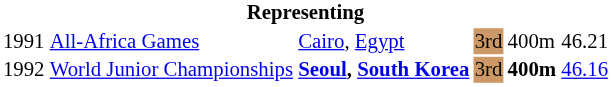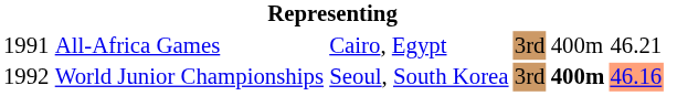 <table>
 <tr>
 <th colspan="6">Representing </th>
 </tr>
 <tr>
 <td>1991</td>
 <td><a href='#'>All-Africa Games</a></td>
 <td><a href='#'>Cairo</a>, <a href='#'>Egypt</a></td>
 <td bgcolor="cc9966" align="center">3rd</td>
 <td>400m</td>
 <td>46.21</td>
 </tr>
 <tr>
 <td>1992</td>
 <td><a href='#'>World Junior Championships</a></td>
-<td><strong><a href='#'>Seoul</a>, <a href='#'>South Korea</a></strong></td>
+<td><a href='#'>Seoul</a>, <a href='#'>South Korea</a></td>
 <td bgcolor="cc9966">3rd</td>
 <td><strong>400m</strong></td>
-<td><a href='#'>46.16</a></td>
+<td style="background: lightsalmon;"><a href='#'>46.16</a></td>
 </tr>
 </table>
